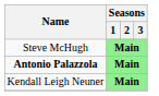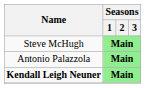 <table class="wikitable" style="text-align:center;">
 <tr>
 <th rowspan="2">Name</th>
 <th colspan="3">Seasons</th>
 </tr>
 <tr>
 <th><strong>1</strong></th>
 <th><strong>2</strong></th>
 <th><strong>3</strong></th>
 </tr>
 <tr>
 <td>Steve McHugh</td>
 <td colspan="3" style="background:lightgreen;"><strong>Main</strong></td>
 </tr>
 <tr>
-<td><strong>Antonio Palazzola</strong></td>
+<td>Antonio Palazzola</td>
 <td colspan="3" style="background:lightgreen;"><strong>Main</strong></td>
 </tr>
 <tr>
-<td>Kendall Leigh Neuner</td>
+<td><strong>Kendall Leigh Neuner</strong></td>
 <td colspan="3" style="background:lightgreen;"><strong>Main</strong></td>
 </tr>
 <tr>
 </tr>
 </table>
